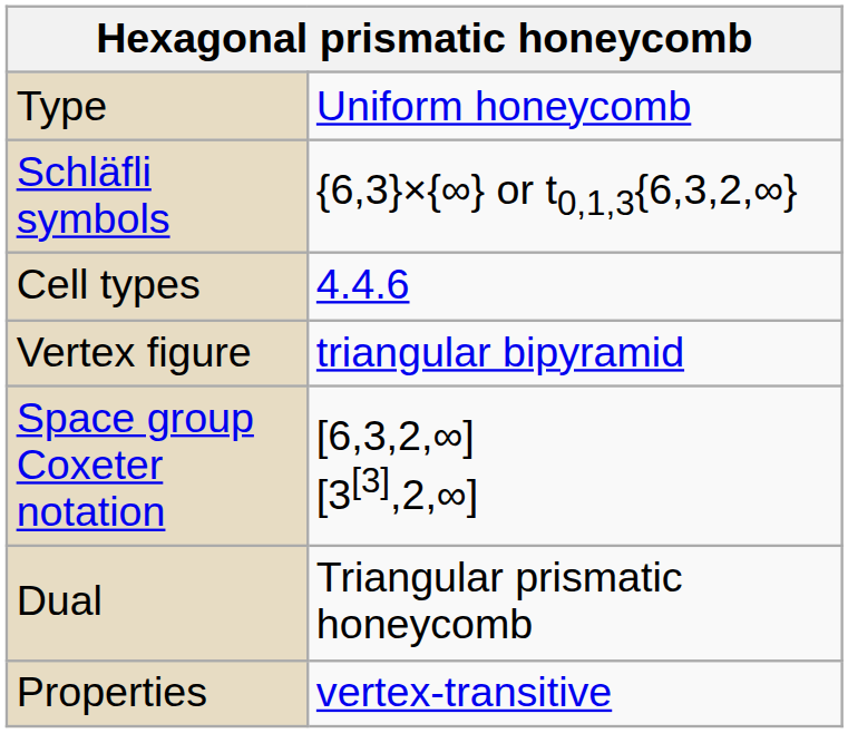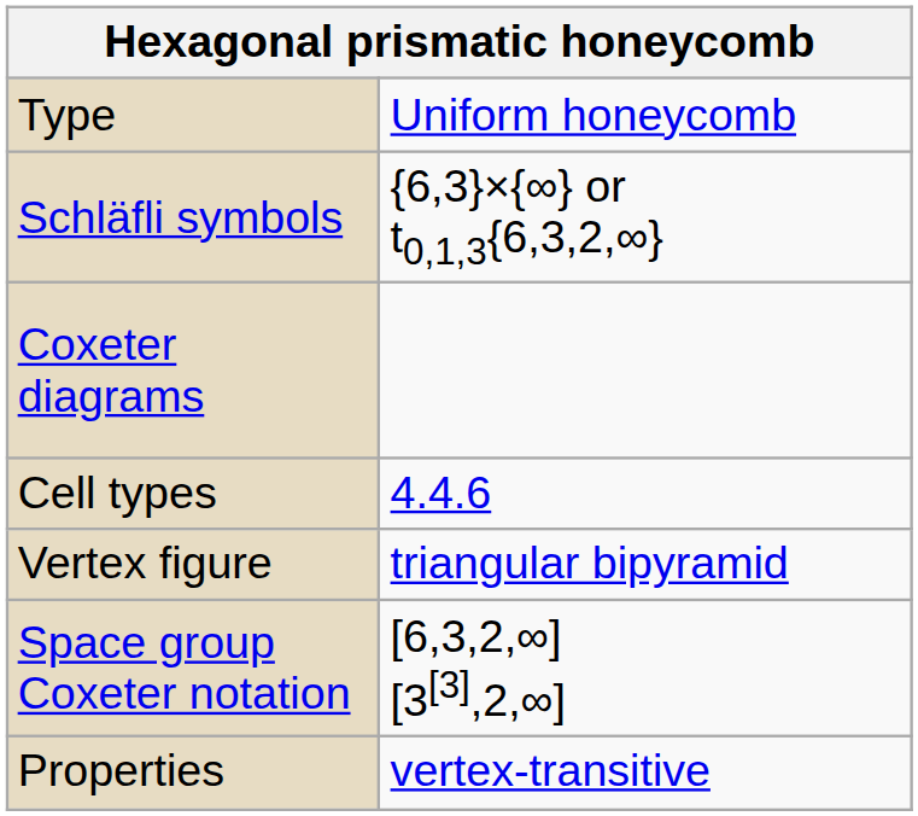 <table class="wikitable" align="right" style="margin-left:10px" width="320">
 <tr>
 <th bgcolor=#e7dcc3 colspan=2>Hexagonal prismatic honeycomb</th>
 </tr>
 <tr>
 <td bgcolor=#e7dcc3>Type</td>
 <td><a href='#'>Uniform honeycomb</a></td>
 </tr>
 <tr>
 <td bgcolor=#e7dcc3><a href='#'>Schläfli symbols</a></td>
 <td>{6,3}×{∞} or t<sub>0,1,3</sub>{6,3,2,∞}</td>
+</tr>
+<tr>
+<td bgcolor=#e7dcc3><a href='#'>Coxeter diagrams</a></td>
+<td><br><br><br> </td>
 </tr>
 <tr>
 <td bgcolor=#e7dcc3>Cell types</td>
 <td><a href='#'>4.4.6</a></td>
 </tr>
 <tr>
 <td bgcolor=#e7dcc3>Vertex figure</td>
 <td><a href='#'>triangular bipyramid</a></td>
 </tr>
 <tr>
 <td bgcolor=#e7dcc3><a href='#'>Space group</a><br><a href='#'>Coxeter notation</a></td>
 <td>[6,3,2,∞]<br>[3<sup>[3]</sup>,2,∞]</td>
 </tr>
 <tr>
-<td bgcolor=#e7dcc3>Dual</td>
-<td>Triangular prismatic honeycomb</td>
-</tr>
-<tr>
 <td bgcolor=#e7dcc3>Properties</td>
 <td><a href='#'>vertex-transitive</a></td>
 </tr>
 </table>
